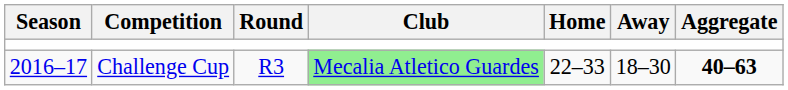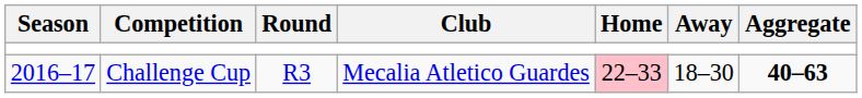 <table class="wikitable">
 <tr>
 <th>Season</th>
 <th>Competition</th>
 <th>Round</th>
 <th>Club</th>
 <th>Home</th>
 <th>Away</th>
 <th>Aggregate</th>
 </tr>
 <tr>
 <td colspan="7" bgcolor=white></td>
 </tr>
 <tr>
 <td><a href='#'>2016–17</a></td>
 <td><a href='#'>Challenge Cup</a></td>
 <td style="text-align:center;"><a href='#'>R3</a></td>
-<td style="background: lightgreen;"> <a href='#'>Mecalia Atletico Guardes</a></td>
-<td style="text-align:center;">22–33</td>
+<td> <a href='#'>Mecalia Atletico Guardes</a></td>
+<td style="background: pink; text-align:center;">22–33</td>
 <td style="text-align:center;">18–30</td>
 <td style="text-align:center;"><strong>40–63</strong></td>
 </tr>
 </table>
